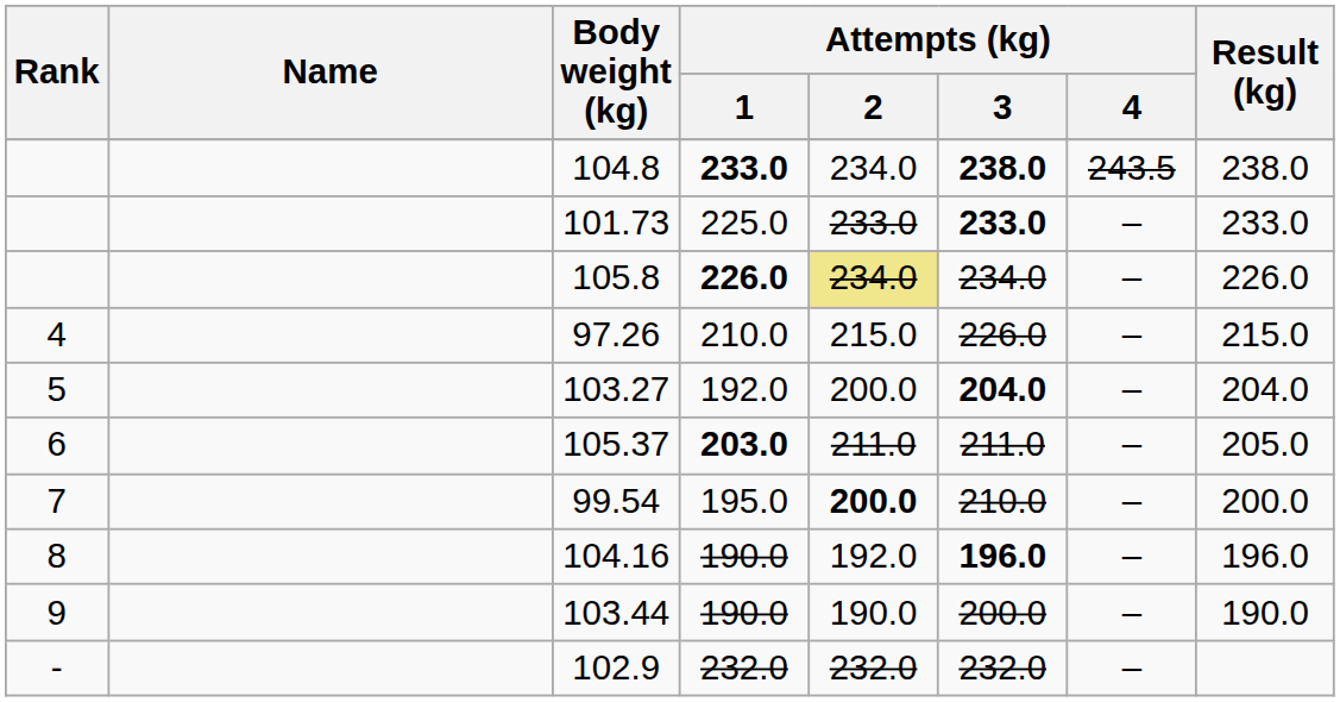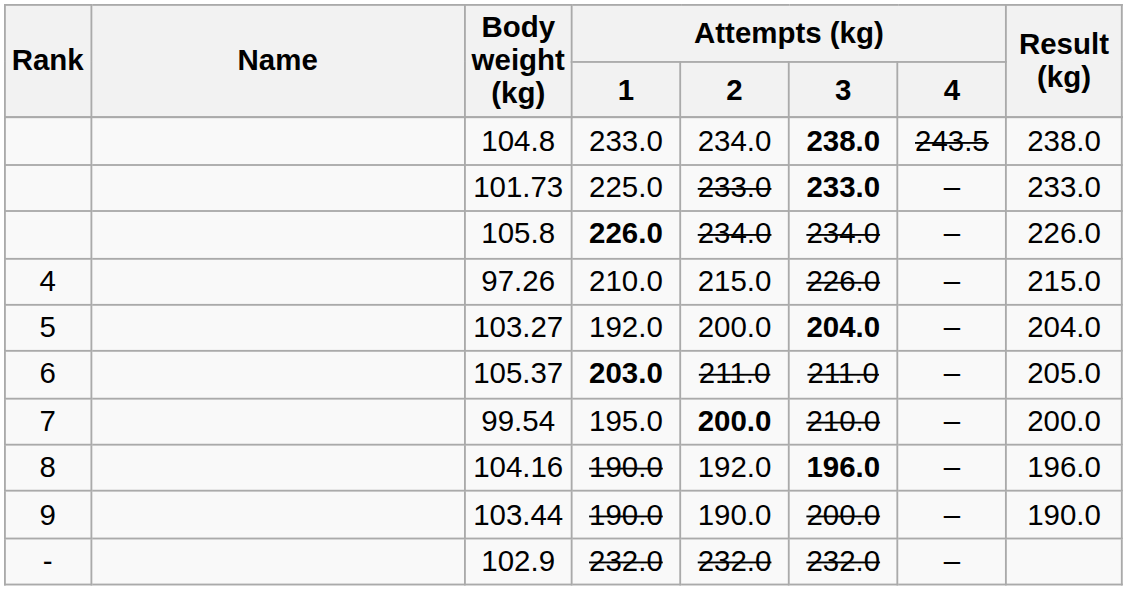 <table class="wikitable" style="text-align:center;">
 <tr>
 <th rowspan=2>Rank</th>
 <th rowspan=2 width=305>Name</th>
 <th rowspan=2 width=50>Body weight (kg)</th>
 <th colspan=4>Attempts (kg)</th>
 <th rowspan=2 width=60>Result (kg)</th>
 </tr>
 <tr>
 <th width=60>1</th>
 <th width=60>2</th>
 <th width=60>3</th>
 <th width=60>4</th>
 </tr>
 <tr>
 </tr>
 <tr>
 <td></td>
 <td align=left></td>
 <td>104.8</td>
-<td><strong>233.0</strong></td>
+<td>233.0</td>
 <td>234.0</td>
 <td><strong>238.0</strong> </td>
 <td><s>243.5</s></td>
 <td>238.0</td>
 </tr>
 <tr>
 <td></td>
 <td align=left></td>
 <td>101.73</td>
 <td>225.0</td>
 <td><s>233.0</s></td>
 <td><strong>233.0</strong></td>
 <td>–</td>
 <td>233.0</td>
 </tr>
 <tr>
 <td></td>
 <td align=left></td>
 <td>105.8</td>
 <td><strong>226.0</strong></td>
-<td style="background: khaki;"><s>234.0</s></td>
+<td><s>234.0</s></td>
 <td><s>234.0</s></td>
 <td>–</td>
 <td>226.0</td>
 </tr>
 <tr>
 <td>4</td>
 <td align=left></td>
 <td>97.26</td>
 <td>210.0</td>
 <td>215.0</td>
 <td><s>226.0</s></td>
 <td>–</td>
 <td>215.0</td>
 </tr>
 <tr>
 <td>5</td>
 <td align=left></td>
 <td>103.27</td>
 <td>192.0</td>
 <td>200.0</td>
 <td><strong>204.0</strong></td>
 <td>–</td>
 <td>204.0</td>
 </tr>
 <tr>
 <td>6</td>
 <td align=left></td>
 <td>105.37</td>
 <td><strong>203.0</strong></td>
 <td><s>211.0</s></td>
 <td><s>211.0</s></td>
 <td>–</td>
 <td>205.0</td>
 </tr>
 <tr>
 <td>7</td>
 <td align=left></td>
 <td>99.54</td>
 <td>195.0</td>
 <td><strong>200.0</strong></td>
 <td><s>210.0</s></td>
 <td>–</td>
 <td>200.0</td>
 </tr>
 <tr>
 <td>8</td>
 <td align=left></td>
 <td>104.16</td>
 <td><s>190.0</s></td>
 <td>192.0</td>
 <td><strong>196.0</strong></td>
 <td>–</td>
 <td>196.0</td>
 </tr>
 <tr>
 <td>9</td>
 <td align=left></td>
 <td>103.44</td>
 <td><s>190.0</s></td>
 <td>190.0</td>
 <td><s>200.0</s></td>
 <td>–</td>
 <td>190.0</td>
 </tr>
 <tr>
 <td>-</td>
 <td align=left></td>
 <td>102.9</td>
 <td><s>232.0</s></td>
 <td><s>232.0</s></td>
 <td><s>232.0</s></td>
 <td>–</td>
 <td></td>
 </tr>
 </table>
